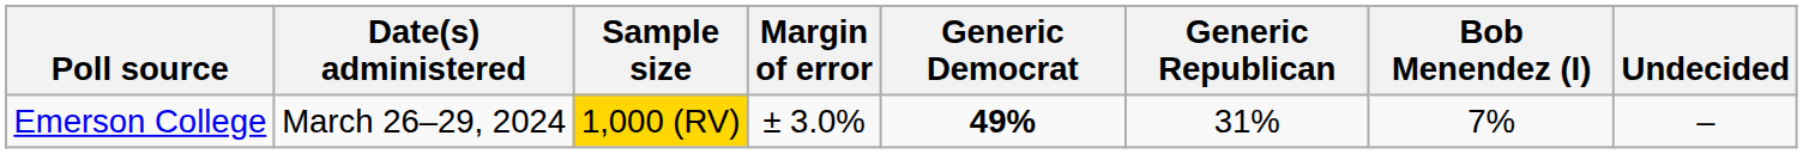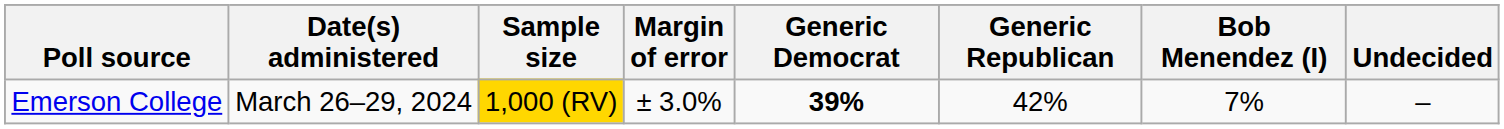 <table class="wikitable" style="font-size:90%;text-align:center;">
 <tr style="vertical-align:bottom">
 <th>Poll source</th>
 <th>Date(s)<br>administered</th>
 <th>Sample<br>size</th>
 <th>Margin<br>of error</th>
 <th style="width:100px;">Generic<br>Democrat</th>
 <th style="width:100px;">Generic<br>Republican</th>
 <th style="width:100px;">Bob<br>Menendez (I)</th>
 <th>Undecided</th>
 </tr>
 <tr>
 <td style="text-align:left"><a href='#'>Emerson College</a></td>
 <td>March 26–29, 2024</td>
 <td style="background: gold;">1,000 (RV)</td>
 <td>± 3.0%</td>
-<td><strong>49%</strong></td>
-<td>31%</td>
+<td><strong>39%</strong></td>
+<td>42%</td>
 <td>7%</td>
 <td>–</td>
 </tr>
 </table>
